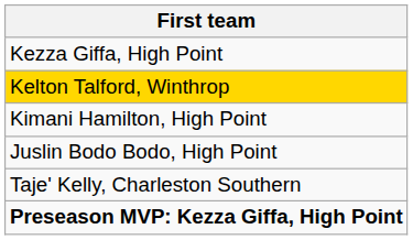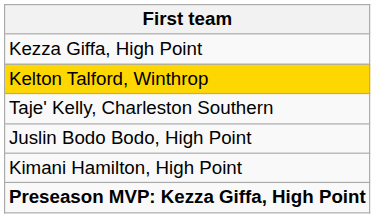 <table class="wikitable">
 <tr>
 <th>First team</th>
 </tr>
 <tr>
 <td>Kezza Giffa, High Point</td>
 </tr>
 <tr>
 <td style="background: gold;">Kelton Talford, Winthrop</td>
 </tr>
 <tr>
-<td>Kimani Hamilton, High Point</td>
+<td>Taje' Kelly, Charleston Southern</td>
 </tr>
 <tr>
 <td>Juslin Bodo Bodo, High Point</td>
 </tr>
 <tr>
-<td>Taje' Kelly, Charleston Southern</td>
+<td>Kimani Hamilton, High Point</td>
 </tr>
 <tr>
 <td><strong>Preseason MVP: Kezza Giffa, High Point</strong></td>
 </tr>
 </table>
